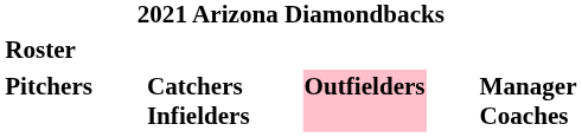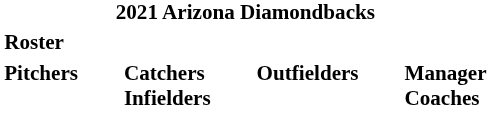 <table class="toccolours" style="font-size: 95%;">
 <tr>
 <th colspan="10">2021 Arizona Diamondbacks</th>
 </tr>
 <tr>
 <td colspan="10"><strong>Roster</strong></td>
 </tr>
 <tr>
 <td valign="top"><strong>Pitchers</strong><br>                                                                     </td>
 <td width="25px"></td>
 <td valign="top"><strong>Catchers</strong><br>     <strong>Infielders</strong>                       </td>
 <td width="25px"></td>
-<td valign="top" style="background: pink;"><strong>Outfielders</strong><br>                   </td>
+<td valign="top"><strong>Outfielders</strong><br>                   </td>
 <td width="25px"></td>
 <td valign="top"><strong>Manager</strong><br> <strong>Coaches</strong>                        </td>
 </tr>
 <tr>
 </tr>
 </table>
